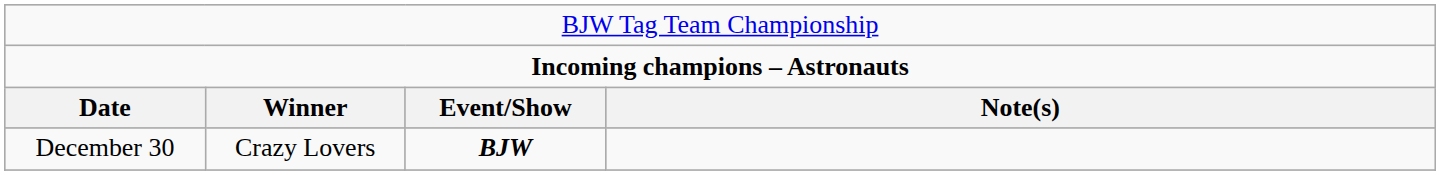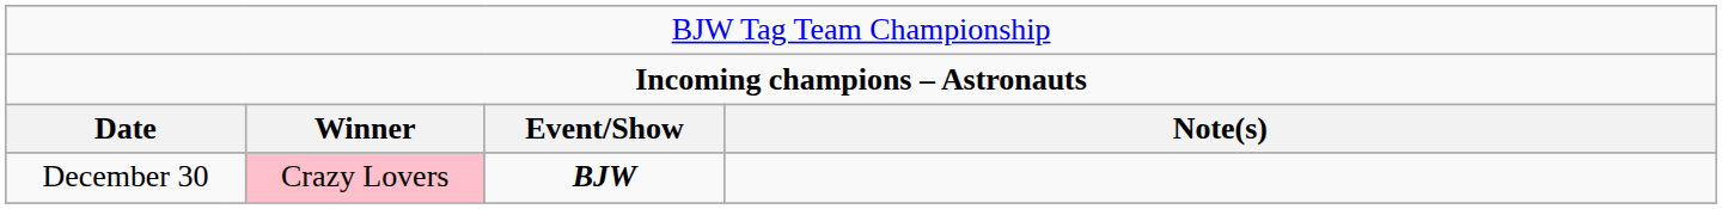 <table class="wikitable" style="text-align:center; width:100%;">
 <tr>
 <td colspan="5" style="text-align: center;"><a href='#'>BJW Tag Team Championship</a></td>
 </tr>
 <tr>
 <td colspan="5" style="text-align: center;"><strong>Incoming champions – Astronauts </strong></td>
 </tr>
 <tr>
 <th width=14%>Date</th>
 <th width=14%>Winner</th>
 <th width=14%>Event/Show</th>
 <th width=58%>Note(s)</th>
 </tr>
 <tr>
 <td>December 30</td>
-<td>Crazy Lovers<br></td>
+<td style="background: pink;">Crazy Lovers<br></td>
 <td><strong><em>BJW</em></strong></td>
 <td></td>
 </tr>
 </table>
